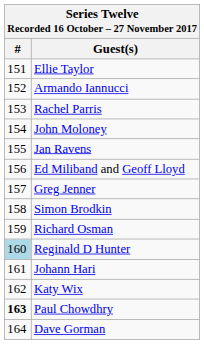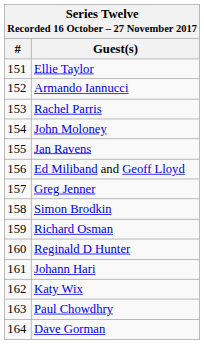 <table class="wikitable">
 <tr>
 <th colspan="3">Series Twelve<br><small>Recorded 16 October – 27 November 2017</small></th>
 </tr>
 <tr>
 <th>#</th>
 <th>Guest(s)</th>
 </tr>
 <tr>
 <td>151</td>
 <td><a href='#'>Ellie Taylor</a></td>
 </tr>
 <tr>
 <td>152</td>
 <td><a href='#'>Armando Iannucci</a></td>
 </tr>
 <tr>
 <td>153</td>
 <td><a href='#'>Rachel Parris</a></td>
 </tr>
 <tr>
 <td>154</td>
 <td><a href='#'>John Moloney</a></td>
 </tr>
 <tr>
 <td>155</td>
 <td><a href='#'>Jan Ravens</a></td>
 </tr>
 <tr>
 <td>156</td>
 <td><a href='#'>Ed Miliband</a> and <a href='#'>Geoff Lloyd</a></td>
 </tr>
 <tr>
 <td>157</td>
 <td><a href='#'>Greg Jenner</a></td>
 </tr>
 <tr>
 <td>158</td>
 <td><a href='#'>Simon Brodkin</a></td>
 </tr>
 <tr>
 <td>159</td>
 <td><a href='#'>Richard Osman</a></td>
 </tr>
 <tr>
-<td style="background: lightblue;">160</td>
+<td>160</td>
 <td><a href='#'>Reginald D Hunter</a></td>
 </tr>
 <tr>
 <td>161</td>
 <td><a href='#'>Johann Hari</a></td>
 </tr>
 <tr>
 <td>162</td>
 <td><a href='#'>Katy Wix</a></td>
 </tr>
 <tr>
-<td><strong>163</strong></td>
+<td>163</td>
 <td><a href='#'>Paul Chowdhry</a></td>
 </tr>
 <tr>
 <td>164</td>
 <td><a href='#'>Dave Gorman</a></td>
 </tr>
 </table>
